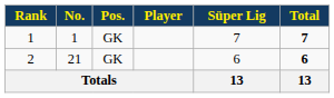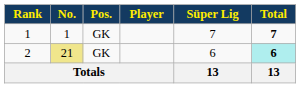 <table class="wikitable sortable" style="text-align:center;width:30%;">
 <tr>
 <th style="background:#133A61; color:#FFED00; ">Rank</th>
 <th style="background:#133A61; color:#FFED00; ">No.</th>
 <th style="background:#133A61; color:#FFED00; ">Pos.</th>
 <th style="background:#133A61; color:#FFED00; ">Player</th>
 <th style="background:#133A61; color:#FFED00; ">Süper Lig</th>
 <th style="background:#133A61; color:#FFED00; ">Total</th>
 </tr>
 <tr>
 <td>1</td>
 <td>1</td>
 <td>GK</td>
 <td align=left> </td>
 <td>7</td>
 <td><strong>7</strong></td>
 </tr>
 <tr>
 <td>2</td>
-<td>21</td>
+<td style="background: khaki;">21</td>
 <td>GK</td>
 <td align=left> </td>
 <td>6</td>
-<td><strong>6</strong></td>
+<td style="background: paleturquoise;"><strong>6</strong></td>
 </tr>
 <tr>
 <th colspan=4><strong>Totals </strong></th>
 <th><strong>13</strong></th>
 <th><strong>13</strong></th>
 </tr>
 </table>
